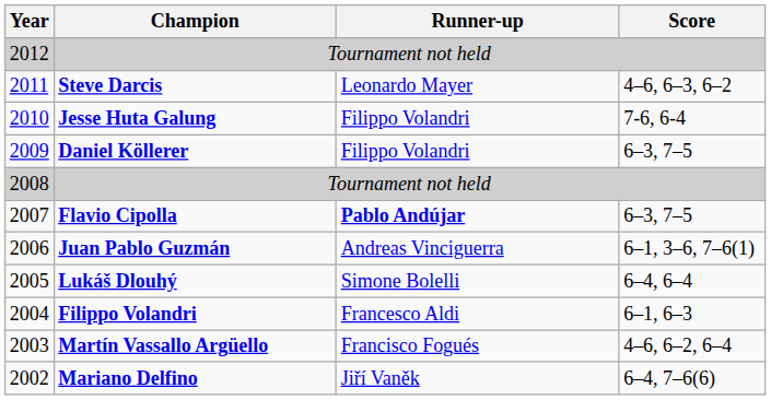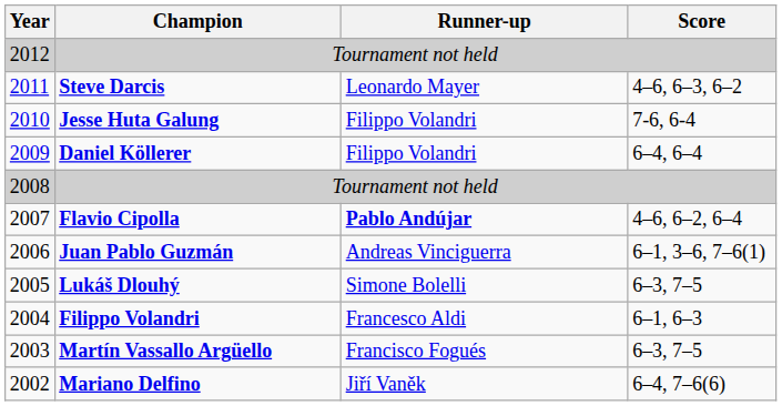 <table class="wikitable" style="font-size:90%">
 <tr>
 <th>Year</th>
 <th width="200">Champion</th>
 <th width="200">Runner-up</th>
 <th width="100">Score</th>
 </tr>
 <tr>
 <td style="background:#cfcfcf">2012</td>
 <td colspan=3 align=center style="background:#cfcfcf"><em>Tournament not held</em></td>
 </tr>
 <tr>
 <td><a href='#'>2011</a></td>
 <td> <strong><a href='#'>Steve Darcis</a></strong></td>
 <td> <a href='#'>Leonardo Mayer</a></td>
 <td>4–6, 6–3, 6–2</td>
 </tr>
 <tr>
 <td><a href='#'>2010</a></td>
 <td> <strong><a href='#'>Jesse Huta Galung</a></strong></td>
 <td> <a href='#'>Filippo Volandri</a></td>
 <td>7-6, 6-4</td>
 </tr>
 <tr>
 <td><a href='#'>2009</a></td>
 <td> <strong><a href='#'>Daniel Köllerer</a></strong></td>
 <td> <a href='#'>Filippo Volandri</a></td>
-<td>6–3, 7–5</td>
+<td>6–4, 6–4</td>
 </tr>
 <tr>
 <td style="background:#cfcfcf">2008</td>
 <td colspan=3 align=center style="background:#cfcfcf"><em>Tournament not held</em></td>
 </tr>
 <tr>
 <td>2007</td>
 <td> <strong><a href='#'>Flavio Cipolla</a></strong></td>
 <td><strong> <a href='#'>Pablo Andújar</a></strong></td>
-<td>6–3, 7–5</td>
+<td>4–6, 6–2, 6–4</td>
 </tr>
 <tr>
 <td>2006</td>
 <td> <strong><a href='#'>Juan Pablo Guzmán</a></strong></td>
 <td> <a href='#'>Andreas Vinciguerra</a></td>
 <td>6–1, 3–6, 7–6(1)</td>
 </tr>
 <tr>
 <td>2005</td>
 <td> <strong><a href='#'>Lukáš Dlouhý</a></strong></td>
 <td> <a href='#'>Simone Bolelli</a></td>
-<td>6–4, 6–4</td>
+<td>6–3, 7–5</td>
 </tr>
 <tr>
 <td>2004</td>
 <td> <strong><a href='#'>Filippo Volandri</a></strong></td>
 <td> <a href='#'>Francesco Aldi</a></td>
 <td>6–1, 6–3</td>
 </tr>
 <tr>
 <td>2003</td>
 <td> <strong><a href='#'>Martín Vassallo Argüello</a></strong></td>
 <td> <a href='#'>Francisco Fogués</a></td>
-<td>4–6, 6–2, 6–4</td>
+<td>6–3, 7–5</td>
 </tr>
 <tr>
 <td>2002</td>
 <td> <strong><a href='#'>Mariano Delfino</a></strong></td>
 <td> <a href='#'>Jiří Vaněk</a></td>
 <td>6–4, 7–6(6)</td>
 </tr>
 </table>
